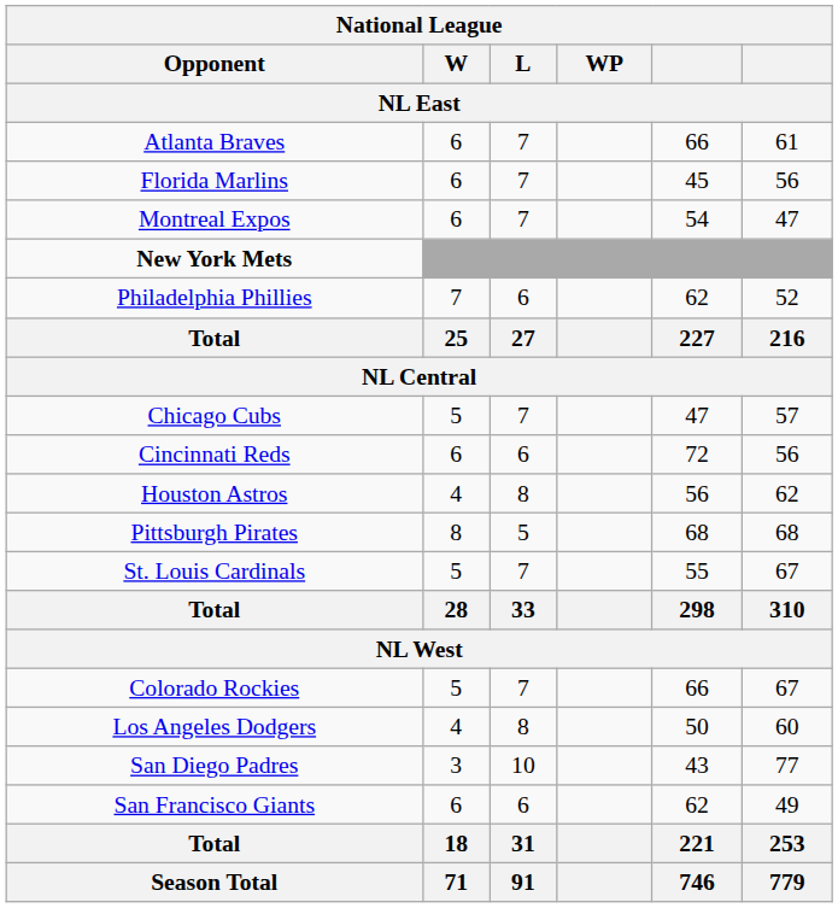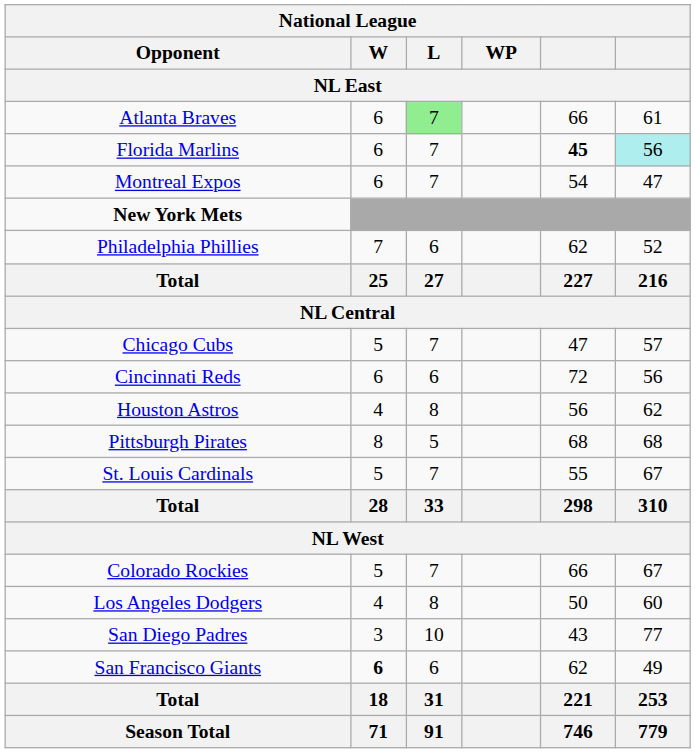 <table class="wikitable" style="font-size:95%; text-align:center; width:35em;margin: 0.5em auto;">
 <tr>
 <th colspan="7">National League</th>
 </tr>
 <tr>
 <th>Opponent</th>
 <th>W</th>
 <th>L</th>
 <th>WP</th>
 <th></th>
 <th></th>
 </tr>
 <tr>
 <th colspan="7">NL East</th>
 </tr>
 <tr>
 <td><a href='#'>Atlanta Braves</a></td>
 <td>6</td>
-<td>7</td>
+<td style="background: lightgreen;">7</td>
 <td></td>
 <td>66</td>
 <td>61</td>
 </tr>
 <tr>
 <td><a href='#'>Florida Marlins</a></td>
 <td>6</td>
 <td>7</td>
 <td></td>
-<td>45</td>
-<td>56</td>
+<td><strong>45</strong></td>
+<td style="background: paleturquoise;">56</td>
 </tr>
 <tr>
 <td><a href='#'>Montreal Expos</a></td>
 <td>6</td>
 <td>7</td>
 <td></td>
 <td>54</td>
 <td>47</td>
 </tr>
 <tr>
 <td><strong>New York Mets</strong></td>
 <td colspan=5 style="background:darkgray;"></td>
 </tr>
 <tr>
 <td><a href='#'>Philadelphia Phillies</a></td>
 <td>7</td>
 <td>6</td>
 <td></td>
 <td>62</td>
 <td>52</td>
 </tr>
 <tr>
 <th>Total</th>
 <th>25</th>
 <th>27</th>
 <th></th>
 <th>227</th>
 <th>216</th>
 </tr>
 <tr>
 <th colspan="7">NL Central</th>
 </tr>
 <tr>
 <td><a href='#'>Chicago Cubs</a></td>
 <td>5</td>
 <td>7</td>
 <td></td>
 <td>47</td>
 <td>57</td>
 </tr>
 <tr>
 <td><a href='#'>Cincinnati Reds</a></td>
 <td>6</td>
 <td>6</td>
 <td></td>
 <td>72</td>
 <td>56</td>
 </tr>
 <tr>
 <td><a href='#'>Houston Astros</a></td>
 <td>4</td>
 <td>8</td>
 <td></td>
 <td>56</td>
 <td>62</td>
 </tr>
 <tr>
 <td><a href='#'>Pittsburgh Pirates</a></td>
 <td>8</td>
 <td>5</td>
 <td></td>
 <td>68</td>
 <td>68</td>
 </tr>
 <tr>
 <td><a href='#'>St. Louis Cardinals</a></td>
 <td>5</td>
 <td>7</td>
 <td></td>
 <td>55</td>
 <td>67</td>
 </tr>
 <tr>
 <th>Total</th>
 <th>28</th>
 <th>33</th>
 <th></th>
 <th>298</th>
 <th>310</th>
 </tr>
 <tr>
 <th colspan="7">NL West</th>
 </tr>
 <tr>
 <td><a href='#'>Colorado Rockies</a></td>
 <td>5</td>
 <td>7</td>
 <td></td>
 <td>66</td>
 <td>67</td>
 </tr>
 <tr>
 <td><a href='#'>Los Angeles Dodgers</a></td>
 <td>4</td>
 <td>8</td>
 <td></td>
 <td>50</td>
 <td>60</td>
 </tr>
 <tr>
 <td><a href='#'>San Diego Padres</a></td>
 <td>3</td>
 <td>10</td>
 <td></td>
 <td>43</td>
 <td>77</td>
 </tr>
 <tr>
 <td><a href='#'>San Francisco Giants</a></td>
-<td>6</td>
+<td><strong>6</strong></td>
 <td>6</td>
 <td></td>
 <td>62</td>
 <td>49</td>
 </tr>
 <tr>
 <th>Total</th>
 <th>18</th>
 <th>31</th>
 <th></th>
 <th>221</th>
 <th>253</th>
 </tr>
 <tr>
 <th>Season Total</th>
 <th>71</th>
 <th>91</th>
 <th></th>
 <th>746</th>
 <th>779</th>
 </tr>
 </table>
